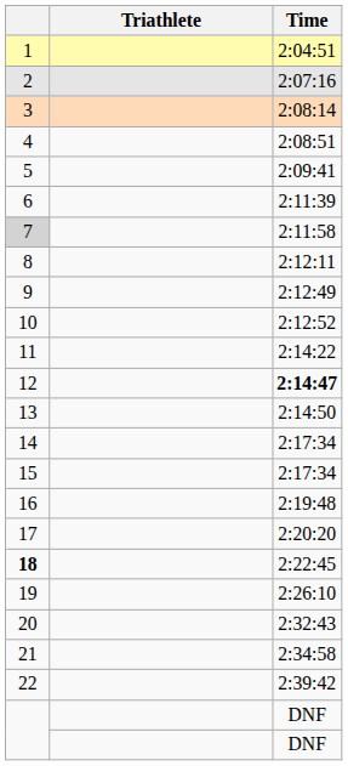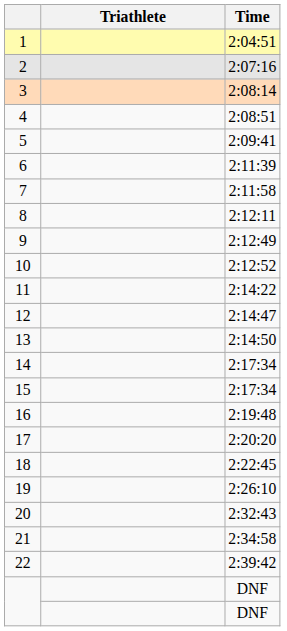 <table class="wikitable" style="text-align: center;">
 <tr>
 <th style="text-align:center; width:30px;"></th>
 <th style="text-align:center; width:180px;">Triathlete</th>
 <th style="text-align:center; width:30px;">Time</th>
 </tr>
 <tr style="background:#fffcaf;">
 <td>1</td>
 <td style="text-align:left;"></td>
 <td>2:04:51</td>
 </tr>
 <tr style="background:#e5e5e5;">
 <td>2</td>
 <td style="text-align:left;"></td>
 <td>2:07:16</td>
 </tr>
 <tr style="background:#FFDAB9;">
 <td>3</td>
 <td style="text-align:left;"></td>
 <td>2:08:14</td>
 </tr>
 <tr>
 <td>4</td>
 <td style="text-align:left;"></td>
 <td>2:08:51</td>
 </tr>
 <tr>
 <td>5</td>
 <td style="text-align:left;"></td>
 <td>2:09:41</td>
 </tr>
 <tr>
 <td>6</td>
 <td style="text-align:left;"></td>
 <td>2:11:39</td>
 </tr>
 <tr>
-<td style="background: lightgrey;">7</td>
+<td>7</td>
 <td style="text-align:left;"></td>
 <td>2:11:58</td>
 </tr>
 <tr>
 <td>8</td>
 <td style="text-align:left;"></td>
 <td>2:12:11</td>
 </tr>
 <tr>
 <td>9</td>
 <td style="text-align:left;"></td>
 <td>2:12:49</td>
 </tr>
 <tr>
 <td>10</td>
 <td style="text-align:left;"></td>
 <td>2:12:52</td>
 </tr>
 <tr>
 <td>11</td>
 <td style="text-align:left;"></td>
 <td>2:14:22</td>
 </tr>
 <tr>
 <td>12</td>
 <td style="text-align:left;"></td>
-<td><strong>2:14:47</strong></td>
+<td>2:14:47</td>
 </tr>
 <tr>
 <td>13</td>
 <td style="text-align:left;"></td>
 <td>2:14:50</td>
 </tr>
 <tr>
 <td>14</td>
 <td style="text-align:left;"></td>
 <td>2:17:34</td>
 </tr>
 <tr>
 <td>15</td>
 <td style="text-align:left;"></td>
 <td>2:17:34</td>
 </tr>
 <tr>
 <td>16</td>
 <td style="text-align:left;"></td>
 <td>2:19:48</td>
 </tr>
 <tr>
 <td>17</td>
 <td style="text-align:left;"></td>
 <td>2:20:20</td>
 </tr>
 <tr>
-<td><strong>18</strong></td>
+<td>18</td>
 <td style="text-align:left;"></td>
 <td>2:22:45</td>
 </tr>
 <tr>
 <td>19</td>
 <td style="text-align:left;"></td>
 <td>2:26:10</td>
 </tr>
 <tr>
 <td>20</td>
 <td style="text-align:left;"></td>
 <td>2:32:43</td>
 </tr>
 <tr>
 <td>21</td>
 <td style="text-align:left;"></td>
 <td>2:34:58</td>
 </tr>
 <tr>
 <td>22</td>
 <td style="text-align:left;"></td>
 <td>2:39:42</td>
 </tr>
 <tr>
 <td rowspan="2"></td>
 <td style="text-align:left;"></td>
 <td>DNF</td>
 </tr>
 <tr>
 <td style="text-align:left;"></td>
 <td>DNF</td>
 </tr>
 </table>
